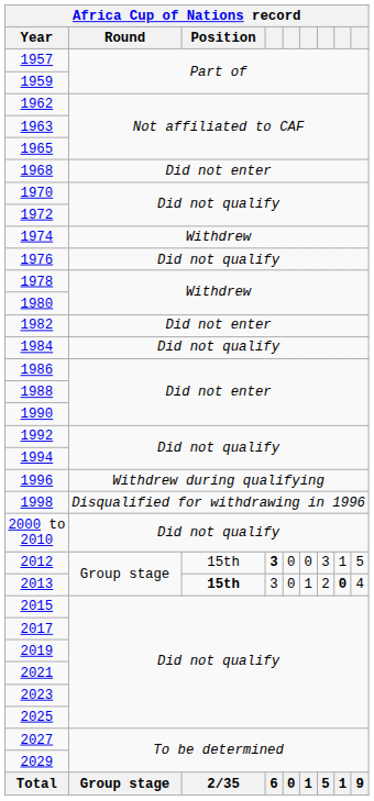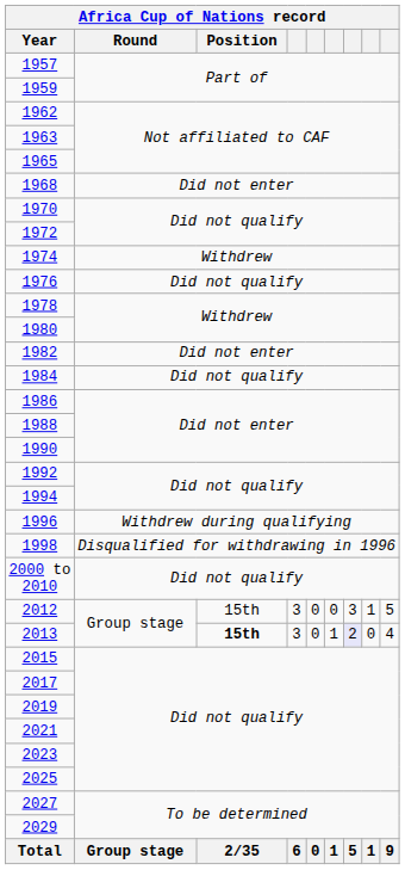 <table class="wikitable" style="text-align:center">
 <tr>
 <th colspan=9><a href='#'>Africa Cup of Nations</a> record</th>
 </tr>
 <tr>
 <th>Year</th>
 <th>Round</th>
 <th>Position</th>
 <th></th>
 <th></th>
 <th></th>
 <th></th>
 <th></th>
 <th></th>
 </tr>
 <tr>
 <td> <a href='#'>1957</a></td>
 <td colspan=8 rowspan=2><em>Part of </em></td>
 </tr>
 <tr>
 <td> <a href='#'>1959</a></td>
 </tr>
 <tr>
 <td> <a href='#'>1962</a></td>
 <td rowspan=3 colspan=8><em>Not affiliated to CAF</em></td>
 </tr>
 <tr>
 <td> <a href='#'>1963</a></td>
 </tr>
 <tr>
 <td> <a href='#'>1965</a></td>
 </tr>
 <tr>
 <td> <a href='#'>1968</a></td>
 <td colspan=8><em>Did not enter</em></td>
 </tr>
 <tr>
 <td> <a href='#'>1970</a></td>
 <td colspan=8 rowspan=2><em>Did not qualify</em></td>
 </tr>
 <tr>
 <td> <a href='#'>1972</a></td>
 </tr>
 <tr>
 <td> <a href='#'>1974</a></td>
 <td colspan=8><em>Withdrew</em></td>
 </tr>
 <tr>
 <td> <a href='#'>1976</a></td>
 <td colspan=8><em>Did not qualify</em></td>
 </tr>
 <tr>
 <td> <a href='#'>1978</a></td>
 <td colspan=8 rowspan=2><em>Withdrew</em></td>
 </tr>
 <tr>
 <td> <a href='#'>1980</a></td>
 </tr>
 <tr>
 <td> <a href='#'>1982</a></td>
 <td colspan=8><em>Did not enter</em></td>
 </tr>
 <tr>
 <td> <a href='#'>1984</a></td>
 <td colspan=8><em>Did not qualify</em></td>
 </tr>
 <tr>
 <td> <a href='#'>1986</a></td>
 <td colspan=8 rowspan=3><em>Did not enter</em></td>
 </tr>
 <tr>
 <td> <a href='#'>1988</a></td>
 </tr>
 <tr>
 <td> <a href='#'>1990</a></td>
 </tr>
 <tr>
 <td> <a href='#'>1992</a></td>
 <td colspan=8 rowspan=2><em>Did not qualify</em></td>
 </tr>
 <tr>
 <td> <a href='#'>1994</a></td>
 </tr>
 <tr>
 <td> <a href='#'>1996</a></td>
 <td colspan=8><em>Withdrew during qualifying</em></td>
 </tr>
 <tr>
 <td> <a href='#'>1998</a></td>
 <td colspan=8><em>Disqualified for withdrawing in 1996</em></td>
 </tr>
 <tr>
 <td>  <a href='#'>2000</a> to <br>  <a href='#'>2010</a></td>
 <td colspan=8><em>Did not qualify</em></td>
 </tr>
 <tr>
 <td>  <a href='#'>2012</a></td>
 <td rowspan=2>Group stage</td>
 <td>15th</td>
-<td><strong>3</strong></td>
+<td>3</td>
 <td>0</td>
 <td>0</td>
 <td>3</td>
 <td>1</td>
 <td>5</td>
 </tr>
 <tr>
 <td> <a href='#'>2013</a></td>
 <td><strong>15th</strong></td>
 <td>3</td>
 <td>0</td>
 <td>1</td>
-<td>2</td>
-<td><strong>0</strong></td>
+<td style="background: lavender;">2</td>
+<td>0</td>
 <td>4</td>
 </tr>
 <tr>
 <td> <a href='#'>2015</a></td>
 <td colspan=8 rowspan=6><em>Did not qualify</em></td>
 </tr>
 <tr>
 <td> <a href='#'>2017</a></td>
 </tr>
 <tr>
 <td> <a href='#'>2019</a></td>
 </tr>
 <tr>
 <td> <a href='#'>2021</a></td>
 </tr>
 <tr>
 <td> <a href='#'>2023</a></td>
 </tr>
 <tr>
 <td> <a href='#'>2025</a></td>
 </tr>
 <tr>
 <td>   <a href='#'>2027</a></td>
 <td colspan="8" rowspan="2"><em>To be determined</em></td>
 </tr>
 <tr>
 <td> <a href='#'>2029</a></td>
 </tr>
 <tr>
 <th>Total</th>
 <th>Group stage</th>
 <th>2/35</th>
 <th>6</th>
 <th>0</th>
 <th>1</th>
 <th>5</th>
 <th>1</th>
 <th>9</th>
 </tr>
 </table>
